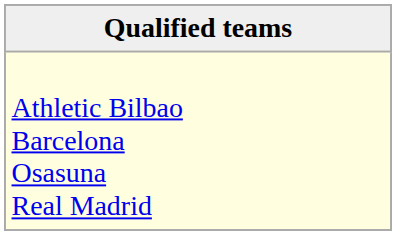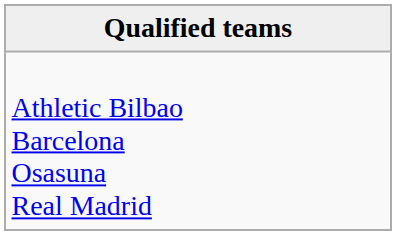 <table class="wikitable" style="font-size:90%" width=200>
 <tr bgcolor=#efefef align=center>
 <td><strong>Qualified teams</strong><br></td>
 </tr>
 <tr valign=top>
-<td style="background: lightyellow;"><br><a href='#'>Athletic Bilbao</a> <br> <a href='#'>Barcelona</a><br> <a href='#'>Osasuna</a><br> <a href='#'>Real Madrid</a></td>
+<td><br><a href='#'>Athletic Bilbao</a> <br> <a href='#'>Barcelona</a><br> <a href='#'>Osasuna</a><br> <a href='#'>Real Madrid</a></td>
 </tr>
 </table>
